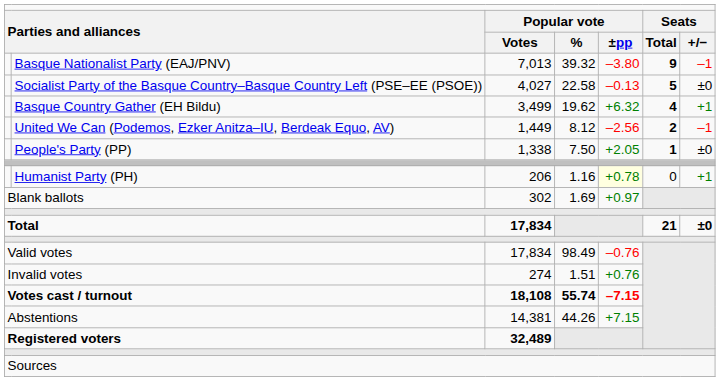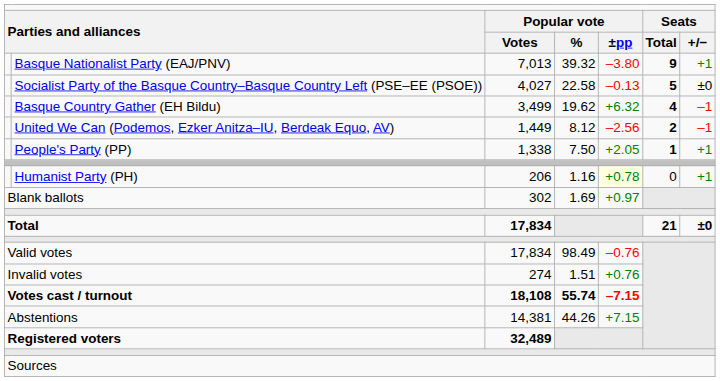 <table class="wikitable" style="text-align:right;">
 <tr>
 <td colspan="7"></td>
 </tr>
 <tr>
 <th style="text-align:left;" rowspan="2" colspan="2" width="525">Parties and alliances</th>
 <th colspan="3">Popular vote</th>
 <th colspan="2">Seats</th>
 </tr>
 <tr>
 <th width="75">Votes</th>
 <th width="45">%</th>
 <th width="45">±<a href='#'>pp</a></th>
 <th width="35">Total</th>
 <th width="35">+/−</th>
 </tr>
 <tr>
 <td width="1" style="color:inherit;background:"></td>
 <td align="left"><a href='#'>Basque Nationalist Party</a> (EAJ/PNV)</td>
 <td>7,013</td>
 <td>39.32</td>
 <td style="color:red;">–3.80</td>
 <td><strong>9</strong></td>
-<td style="color:red;">–1</td>
+<td style="color:green;">+1</td>
 </tr>
 <tr>
 <td style="color:inherit;background:"></td>
 <td align="left"><a href='#'>Socialist Party of the Basque Country–Basque Country Left</a> (PSE–EE (PSOE))</td>
 <td>4,027</td>
 <td>22.58</td>
 <td style="color:red;">–0.13</td>
 <td><strong>5</strong></td>
 <td>±0</td>
 </tr>
 <tr>
 <td style="color:inherit;background:"></td>
 <td align="left"><a href='#'>Basque Country Gather</a> (EH Bildu)</td>
 <td>3,499</td>
 <td>19.62</td>
 <td style="color:green;">+6.32</td>
 <td><strong>4</strong></td>
-<td style="color:green;">+1</td>
+<td style="color:red;">–1</td>
 </tr>
 <tr>
 <td style="color:inherit;background:"></td>
 <td align="left"><a href='#'>United We Can</a> (<a href='#'>Podemos</a>, <a href='#'>Ezker Anitza–IU</a>, <a href='#'>Berdeak Equo</a>, <a href='#'>AV</a>)</td>
 <td>1,449</td>
 <td>8.12</td>
 <td style="color:red;">–2.56</td>
 <td><strong>2</strong></td>
 <td style="color:red;">–1</td>
 </tr>
 <tr>
 <td style="color:inherit;background:"></td>
 <td align="left"><a href='#'>People's Party</a> (PP)</td>
 <td>1,338</td>
 <td>7.50</td>
 <td style="color:green;">+2.05</td>
 <td><strong>1</strong></td>
-<td>±0</td>
+<td style="color:green;">+1</td>
 </tr>
 <tr>
 <td colspan="7" bgcolor="#C0C0C0"></td>
 </tr>
 <tr>
 <td style="color:inherit;background:"></td>
 <td align="left"><a href='#'>Humanist Party</a> (PH)</td>
 <td>206</td>
 <td>1.16</td>
 <td style="background: lightyellow; color:green;">+0.78</td>
 <td>0</td>
 <td style="color:green;">+1</td>
 </tr>
 <tr>
 <td align="left" colspan="2">Blank ballots</td>
 <td>302</td>
 <td>1.69</td>
 <td style="color:green;">+0.97</td>
 <td bgcolor="#E9E9E9" colspan="2"></td>
 </tr>
 <tr>
 <td colspan="7" bgcolor="#E9E9E9"></td>
 </tr>
 <tr style="font-weight:bold;">
 <td align="left" colspan="2">Total</td>
 <td>17,834</td>
 <td bgcolor="#E9E9E9" colspan="2"></td>
 <td>21</td>
 <td>±0</td>
 </tr>
 <tr>
 <td colspan="7" bgcolor="#E9E9E9"></td>
 </tr>
 <tr>
 <td align="left" colspan="2">Valid votes</td>
 <td>17,834</td>
 <td>98.49</td>
 <td style="color:red;">–0.76</td>
 <td bgcolor="#E9E9E9" colspan="2" rowspan="5"></td>
 </tr>
 <tr>
 <td align="left" colspan="2">Invalid votes</td>
 <td>274</td>
 <td>1.51</td>
 <td style="color:green;">+0.76</td>
 </tr>
 <tr style="font-weight:bold;">
 <td align="left" colspan="2">Votes cast / turnout</td>
 <td>18,108</td>
 <td>55.74</td>
 <td style="color:red;">–7.15</td>
 </tr>
 <tr>
 <td align="left" colspan="2">Abstentions</td>
 <td>14,381</td>
 <td>44.26</td>
 <td style="color:green;">+7.15</td>
 </tr>
 <tr style="font-weight:bold;">
 <td align="left" colspan="2">Registered voters</td>
 <td>32,489</td>
 <td bgcolor="#E9E9E9" colspan="2"></td>
 </tr>
 <tr>
 <td colspan="7" bgcolor="#E9E9E9"></td>
 </tr>
 <tr>
 <td align="left" colspan="7">Sources</td>
 </tr>
 </table>
